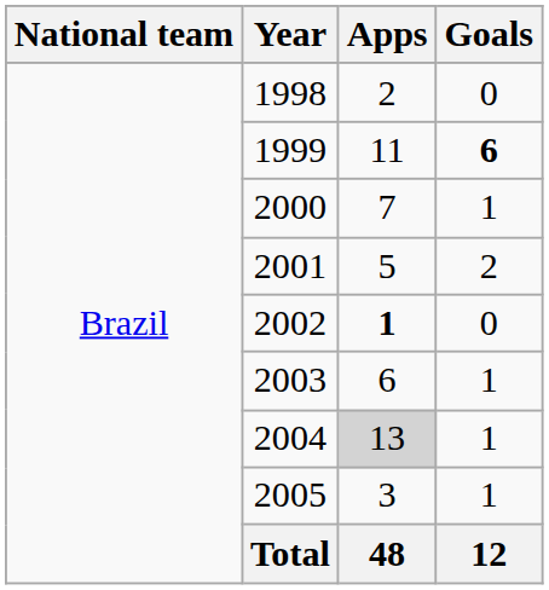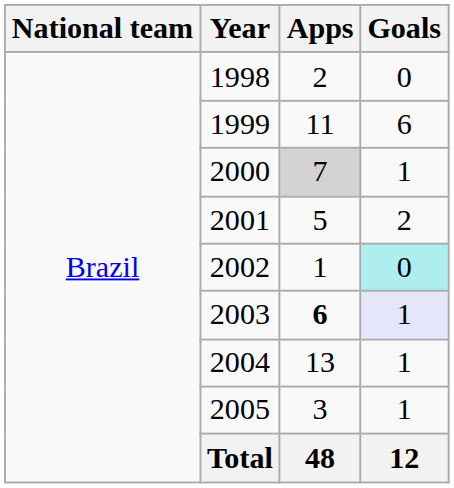 <table class="wikitable" style="text-align:center">
 <tr>
 <th>National team</th>
 <th>Year</th>
 <th>Apps</th>
 <th>Goals</th>
 </tr>
 <tr>
 <td rowspan="9"><a href='#'>Brazil</a></td>
 <td>1998</td>
 <td>2</td>
 <td>0</td>
 </tr>
 <tr>
 <td>1999</td>
 <td>11</td>
-<td><strong>6</strong></td>
+<td>6</td>
 </tr>
 <tr>
 <td>2000</td>
-<td>7</td>
+<td style="background: lightgrey;">7</td>
 <td>1</td>
 </tr>
 <tr>
 <td>2001</td>
 <td>5</td>
 <td>2</td>
 </tr>
 <tr>
 <td>2002</td>
-<td><strong>1</strong></td>
-<td>0</td>
+<td>1</td>
+<td style="background: paleturquoise;">0</td>
 </tr>
 <tr>
 <td>2003</td>
-<td>6</td>
-<td>1</td>
+<td><strong>6</strong></td>
+<td style="background: lavender;">1</td>
 </tr>
 <tr>
 <td>2004</td>
-<td style="background: lightgrey;">13</td>
+<td>13</td>
 <td>1</td>
 </tr>
 <tr>
 <td>2005</td>
 <td>3</td>
 <td>1</td>
 </tr>
 <tr>
 <th>Total</th>
 <th>48</th>
 <th>12</th>
 </tr>
 </table>
